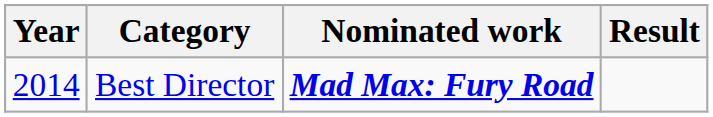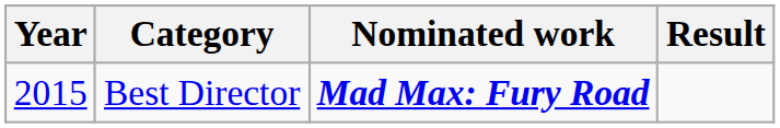 <table class="wikitable">
 <tr>
 <th>Year</th>
 <th>Category</th>
 <th>Nominated work</th>
 <th>Result</th>
 </tr>
 <tr>
-<td><a href='#'>2014</a></td>
+<td><a href='#'>2015</a></td>
 <td><a href='#'>Best Director</a></td>
 <td><strong><em><a href='#'>Mad Max: Fury Road</a></em></strong></td>
 <td></td>
 </tr>
 </table>
